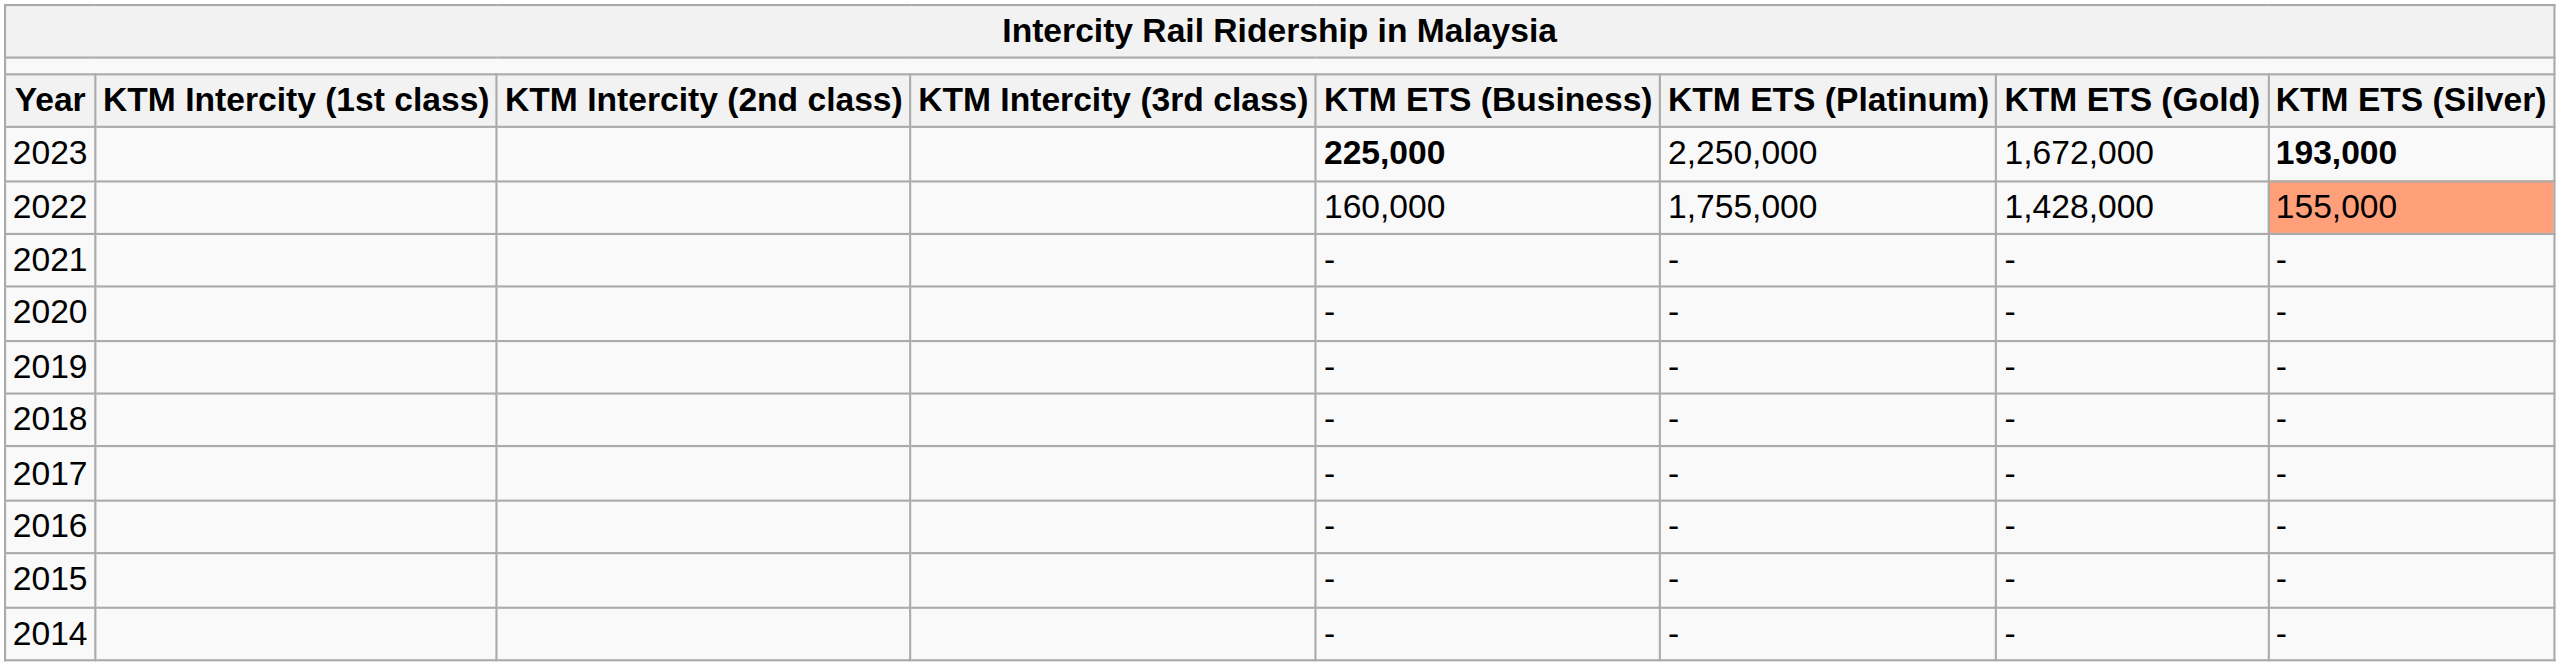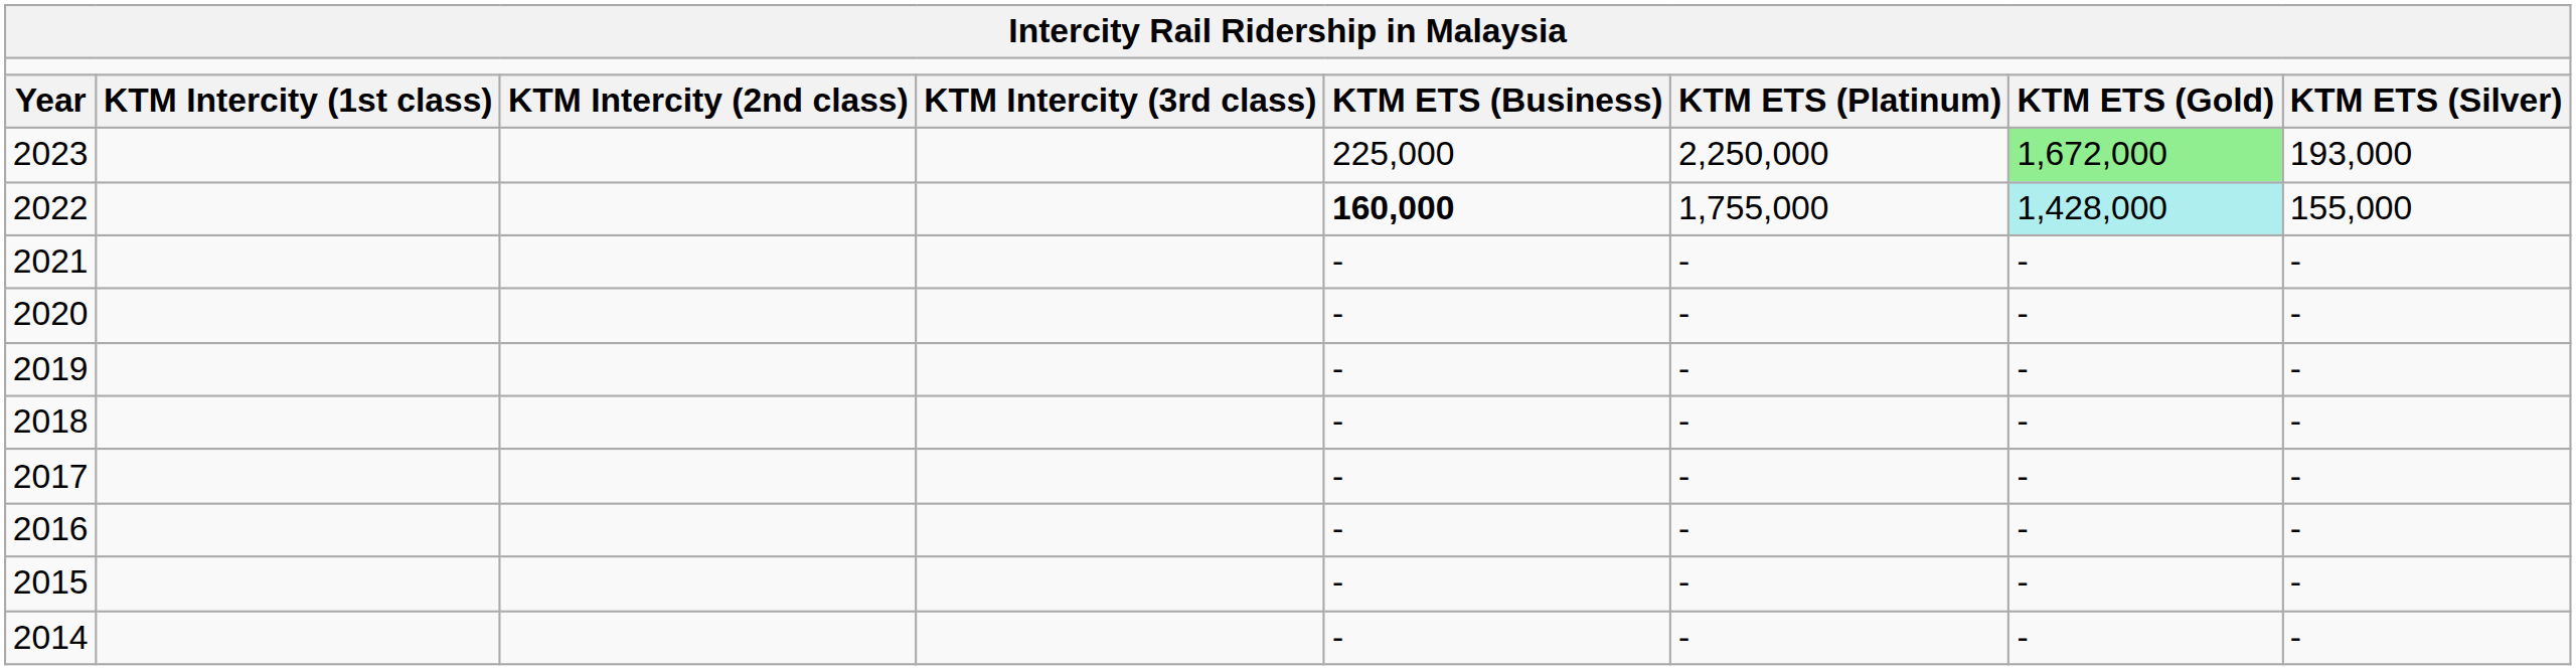 <table class="sortable wikitable" style="text-align:left;" style="font-size: 95%">
 <tr>
 <th colspan="8">Intercity Rail Ridership in Malaysia</th>
 </tr>
 <tr>
 <td colspan="8"></td>
 </tr>
 <tr>
 <th>Year</th>
 <th>KTM Intercity (1st class)</th>
 <th>KTM Intercity (2nd class)</th>
 <th>KTM Intercity (3rd class)</th>
 <th>KTM ETS (Business)</th>
 <th>KTM ETS (Platinum)</th>
 <th>KTM ETS (Gold)</th>
 <th>KTM ETS (Silver)</th>
 </tr>
 <tr>
 <td>2023</td>
 <td></td>
 <td></td>
 <td></td>
-<td><strong>225,000</strong></td>
+<td>225,000</td>
 <td>2,250,000</td>
-<td>1,672,000</td>
-<td><strong>193,000</strong></td>
+<td style="background: lightgreen;">1,672,000</td>
+<td>193,000</td>
 </tr>
 <tr>
 <td>2022</td>
 <td></td>
 <td></td>
 <td></td>
-<td>160,000</td>
+<td><strong>160,000</strong></td>
 <td>1,755,000</td>
-<td>1,428,000</td>
-<td style="background: lightsalmon;">155,000</td>
+<td style="background: paleturquoise;">1,428,000</td>
+<td>155,000</td>
 </tr>
 <tr>
 <td>2021</td>
 <td></td>
 <td></td>
 <td></td>
 <td>-</td>
 <td>-</td>
 <td>-</td>
 <td>-</td>
 </tr>
 <tr>
 <td>2020</td>
 <td></td>
 <td></td>
 <td></td>
 <td>-</td>
 <td>-</td>
 <td>-</td>
 <td>-</td>
 </tr>
 <tr>
 <td>2019</td>
 <td></td>
 <td></td>
 <td></td>
 <td>-</td>
 <td>-</td>
 <td>-</td>
 <td>-</td>
 </tr>
 <tr>
 <td>2018</td>
 <td></td>
 <td></td>
 <td></td>
 <td>-</td>
 <td>-</td>
 <td>-</td>
 <td>-</td>
 </tr>
 <tr>
 <td>2017</td>
 <td></td>
 <td></td>
 <td></td>
 <td>-</td>
 <td>-</td>
 <td>-</td>
 <td>-</td>
 </tr>
 <tr>
 <td>2016</td>
 <td></td>
 <td></td>
 <td></td>
 <td>-</td>
 <td>-</td>
 <td>-</td>
 <td>-</td>
 </tr>
 <tr>
 <td>2015</td>
 <td></td>
 <td></td>
 <td></td>
 <td>-</td>
 <td>-</td>
 <td>-</td>
 <td>-</td>
 </tr>
 <tr>
 <td>2014</td>
 <td></td>
 <td></td>
 <td></td>
 <td>-</td>
 <td>-</td>
 <td>-</td>
 <td>-</td>
 </tr>
 </table>
